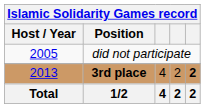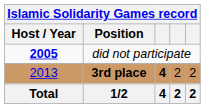 <table class="wikitable" style="text-align: center;">
 <tr>
 <th colspan=6><a href='#'>Islamic Solidarity Games record</a></th>
 </tr>
 <tr>
 <th>Host / Year</th>
 <th>Position</th>
 <th></th>
 <th></th>
 <th></th>
 </tr>
 <tr>
-<td> <a href='#'>2005</a></td>
+<td><strong> <a href='#'>2005</a></strong></td>
 <td colspan=5><em>did not participate</em></td>
 </tr>
 <tr>
 </tr>
 <tr style="background:#c96;">
 <td> <a href='#'>2013</a></td>
 <td><strong>3rd place</strong></td>
-<td>4</td>
+<td><strong>4</strong></td>
 <td>2</td>
-<td><strong>2</strong></td>
+<td>2</td>
 </tr>
 <tr>
 <th>Total</th>
 <th>1/2</th>
 <th>4</th>
 <th>2</th>
 <th>2</th>
 </tr>
 </table>
